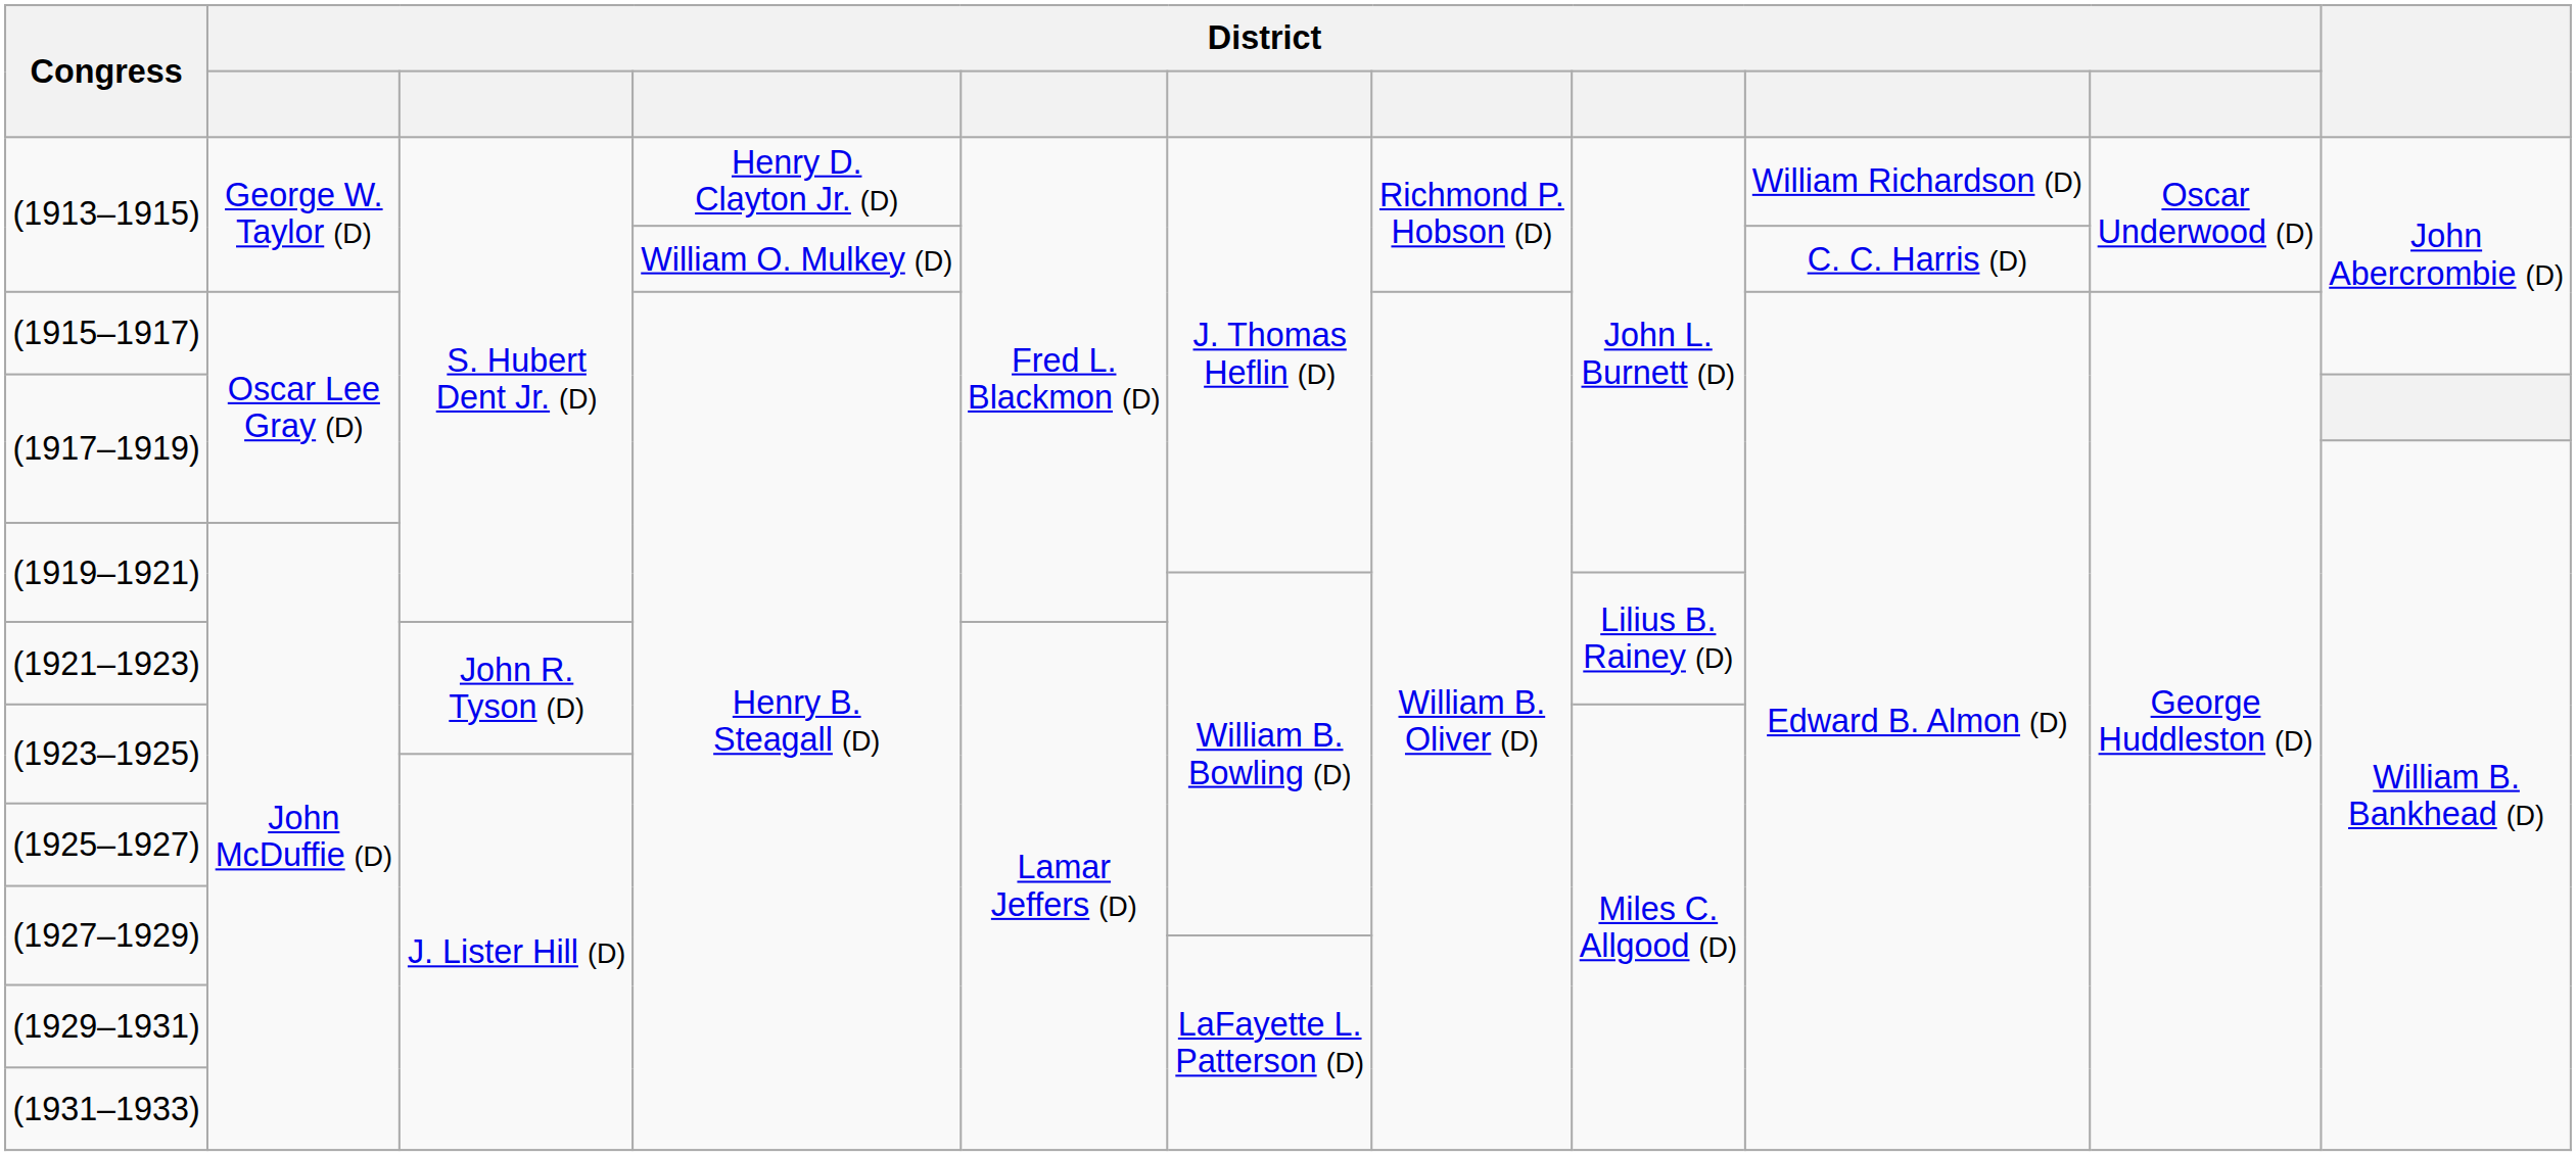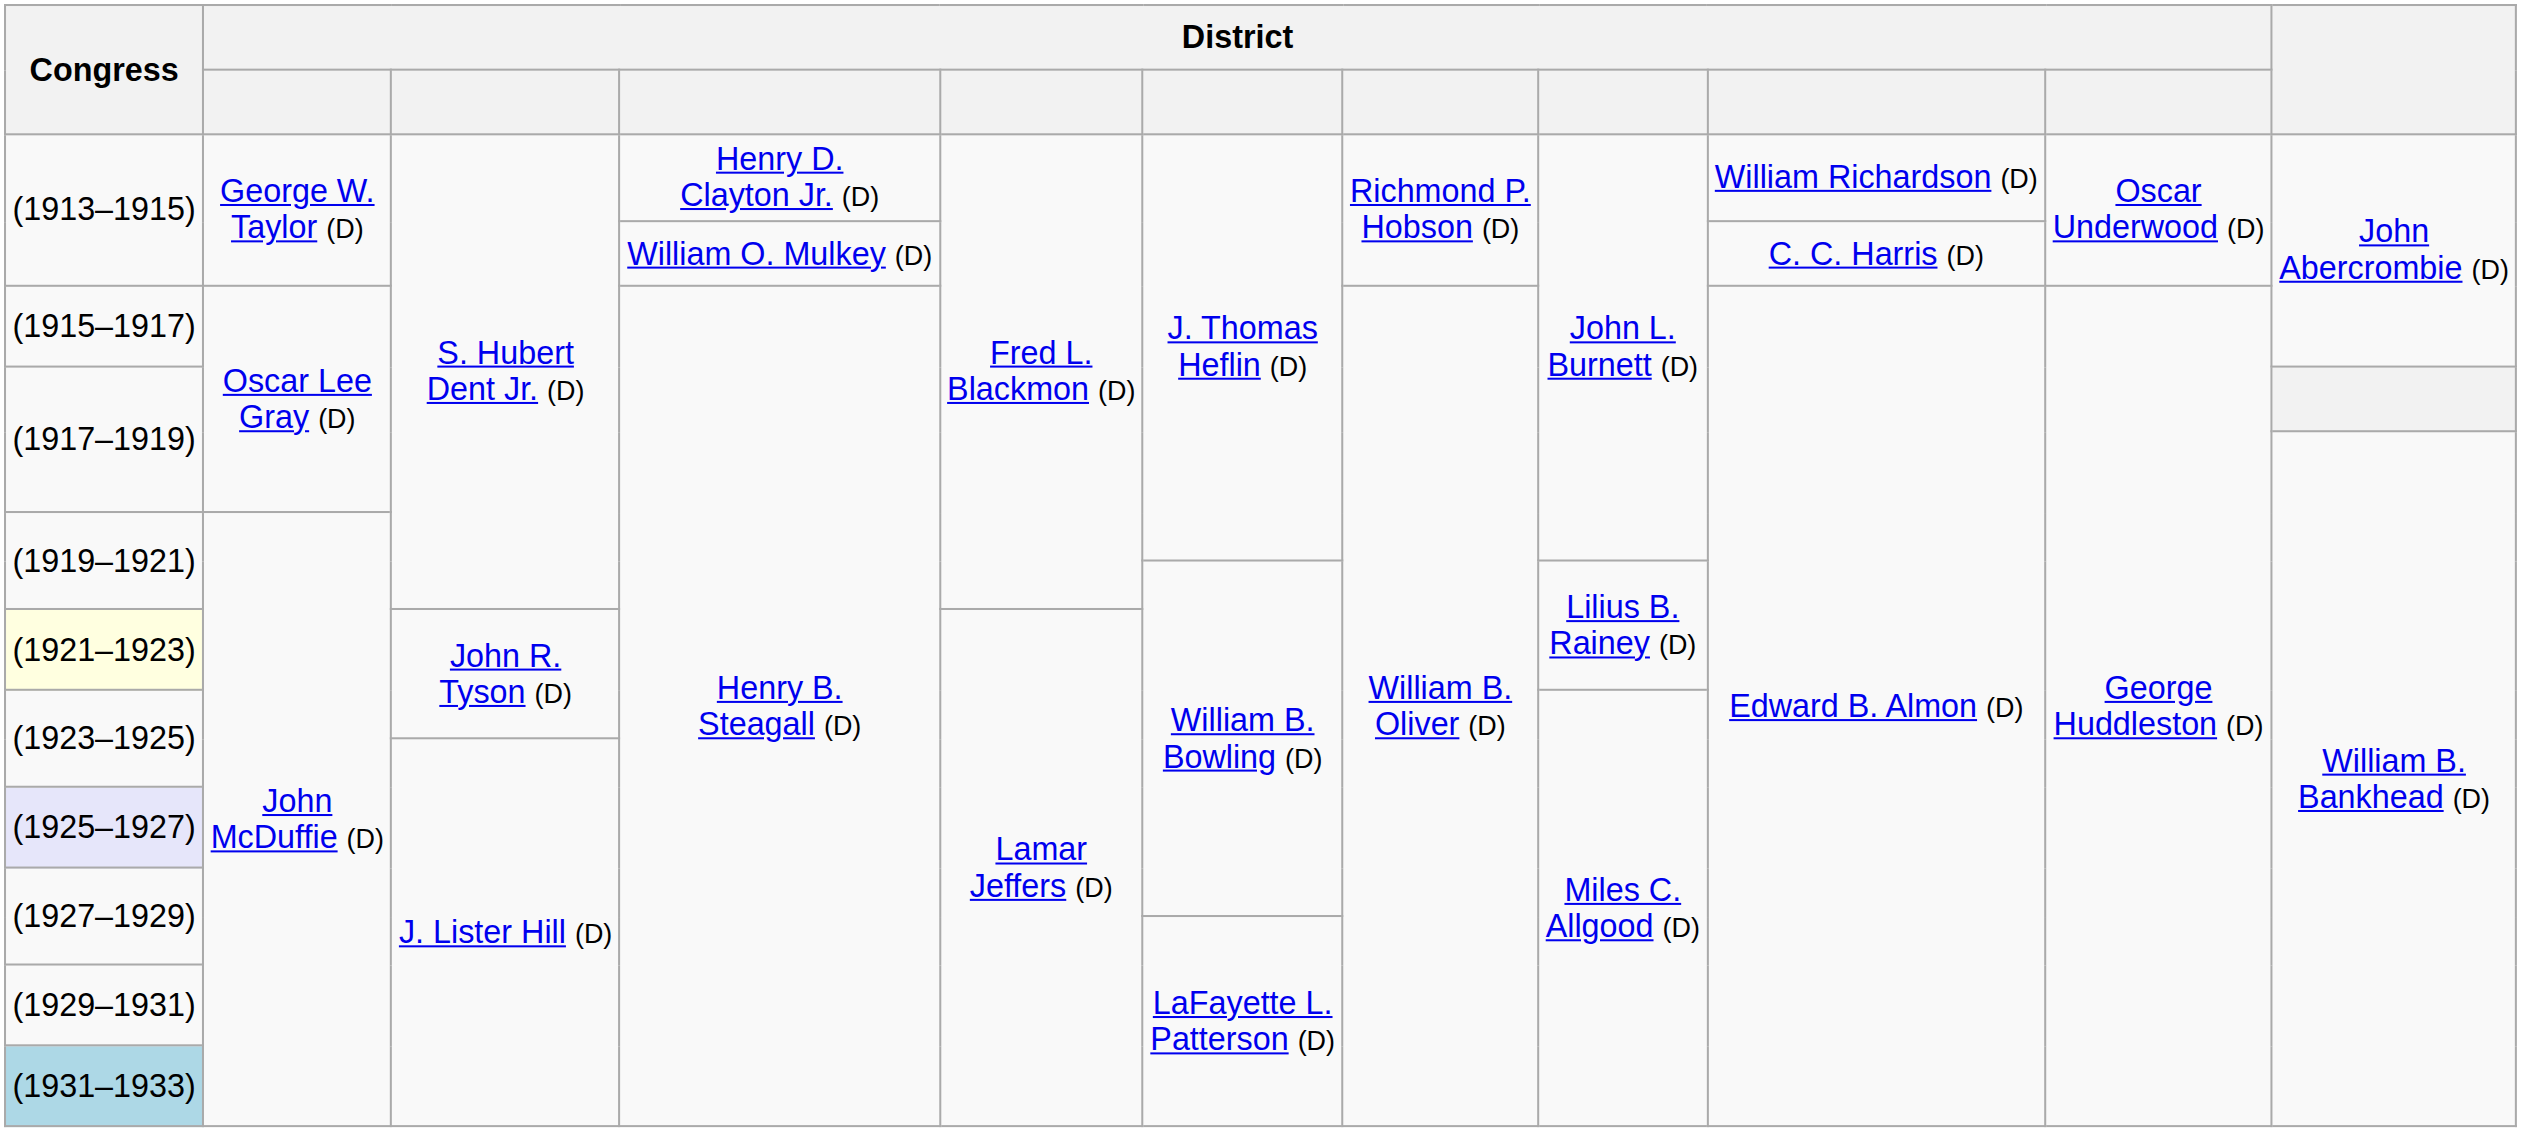 <table class=wikitable style="text-align:center">
 <tr style="height:2em">
 <th rowspan=2>Congress</th>
 <th colspan=9>District</th>
 <th rowspan=2></th>
 </tr>
 <tr style="height:2em">
 <th></th>
 <th></th>
 <th></th>
 <th></th>
 <th></th>
 <th></th>
 <th></th>
 <th></th>
 <th></th>
 </tr>
 <tr style="height:2em">
 <td rowspan=2><strong></strong> (1913–1915)</td>
 <td rowspan=2 ><a href='#'>George W.<br>Taylor</a> <small>(D)</small></td>
 <td rowspan=7 ><a href='#'>S. Hubert<br>Dent Jr.</a> <small>(D)</small></td>
 <td><a href='#'>Henry D.<br>Clayton Jr.</a> <small>(D)</small></td>
 <td rowspan=7 ><a href='#'>Fred L.<br>Blackmon</a> <small>(D)</small></td>
 <td rowspan=6 ><a href='#'>J. Thomas<br>Heflin</a> <small>(D)</small></td>
 <td rowspan=2 ><a href='#'>Richmond P.<br>Hobson</a> <small>(D)</small></td>
 <td rowspan=6 ><a href='#'>John L.<br>Burnett</a> <small>(D)</small></td>
 <td><a href='#'>William Richardson</a> <small>(D)</small></td>
 <td rowspan=2 ><a href='#'>Oscar<br>Underwood</a> <small>(D)</small></td>
 <td rowspan=3 ><a href='#'>John<br>Abercrombie</a> <small>(D)</small></td>
 </tr>
 <tr style="height:2em">
 <td><a href='#'>William O. Mulkey</a> <small>(D)</small></td>
 <td><a href='#'>C. C. Harris</a> <small>(D)</small></td>
 </tr>
 <tr style="height:2.5em">
 <td><strong></strong> (1915–1917)</td>
 <td rowspan=3 ><a href='#'>Oscar Lee<br>Gray</a> <small>(D)</small></td>
 <td rowspan=13 ><a href='#'>Henry B.<br>Steagall</a> <small>(D)</small></td>
 <td rowspan=13 ><a href='#'>William B.<br>Oliver</a> <small>(D)</small></td>
 <td rowspan=13 ><a href='#'>Edward B. Almon</a> <small>(D)</small></td>
 <td rowspan=13 ><a href='#'>George<br>Huddleston</a> <small>(D)</small></td>
 </tr>
 <tr style="height:2em">
 <td rowspan=2><strong></strong> (1917–1919)</td>
 <th></th>
 </tr>
 <tr style="height:2.5em">
 <td rowspan=11 ><a href='#'>William B.<br>Bankhead</a> <small>(D)</small></td>
 </tr>
 <tr style="height:1.5em">
 <td rowspan=2><strong></strong> (1919–1921)</td>
 <td rowspan=10 ><a href='#'>John<br>McDuffie</a> <small>(D)</small></td>
 </tr>
 <tr style="height:1.5em">
 <td rowspan=6 ><a href='#'>William B.<br>Bowling</a> <small>(D)</small></td>
 <td rowspan=2 ><a href='#'>Lilius B.<br>Rainey</a> <small>(D)</small></td>
 </tr>
 <tr style="height:2.5em">
-<td><strong></strong> (1921–1923)</td>
+<td style="background: lightyellow;"><strong></strong> (1921–1923)</td>
 <td rowspan=2 ><a href='#'>John R.<br>Tyson</a> <small>(D)</small></td>
 <td rowspan=8 ><a href='#'>Lamar<br>Jeffers</a> <small>(D)</small></td>
 </tr>
 <tr style="height:1.5em">
 <td rowspan=2><strong></strong> (1923–1925)</td>
 <td rowspan=7 ><a href='#'>Miles C.<br>Allgood</a> <small>(D)</small></td>
 </tr>
 <tr style="height:1.5em">
 <td rowspan=6 ><a href='#'>J. Lister Hill</a> <small>(D)</small></td>
 </tr>
 <tr style="height:2.5em">
-<td><strong></strong> (1925–1927)</td>
+<td style="background: lavender;"><strong></strong> (1925–1927)</td>
 </tr>
 <tr style="height:1.5em">
 <td rowspan=2><strong></strong> (1927–1929)</td>
 </tr>
 <tr style="height:1.5em">
 <td rowspan=3 ><a href='#'>LaFayette L.<br>Patterson</a> <small>(D)</small></td>
 </tr>
 <tr style="height:2.5em">
 <td><strong></strong> (1929–1931)</td>
 </tr>
 <tr style="height:2.5em">
-<td><strong></strong> (1931–1933)</td>
+<td style="background: lightblue;"><strong></strong> (1931–1933)</td>
 </tr>
 </table>
